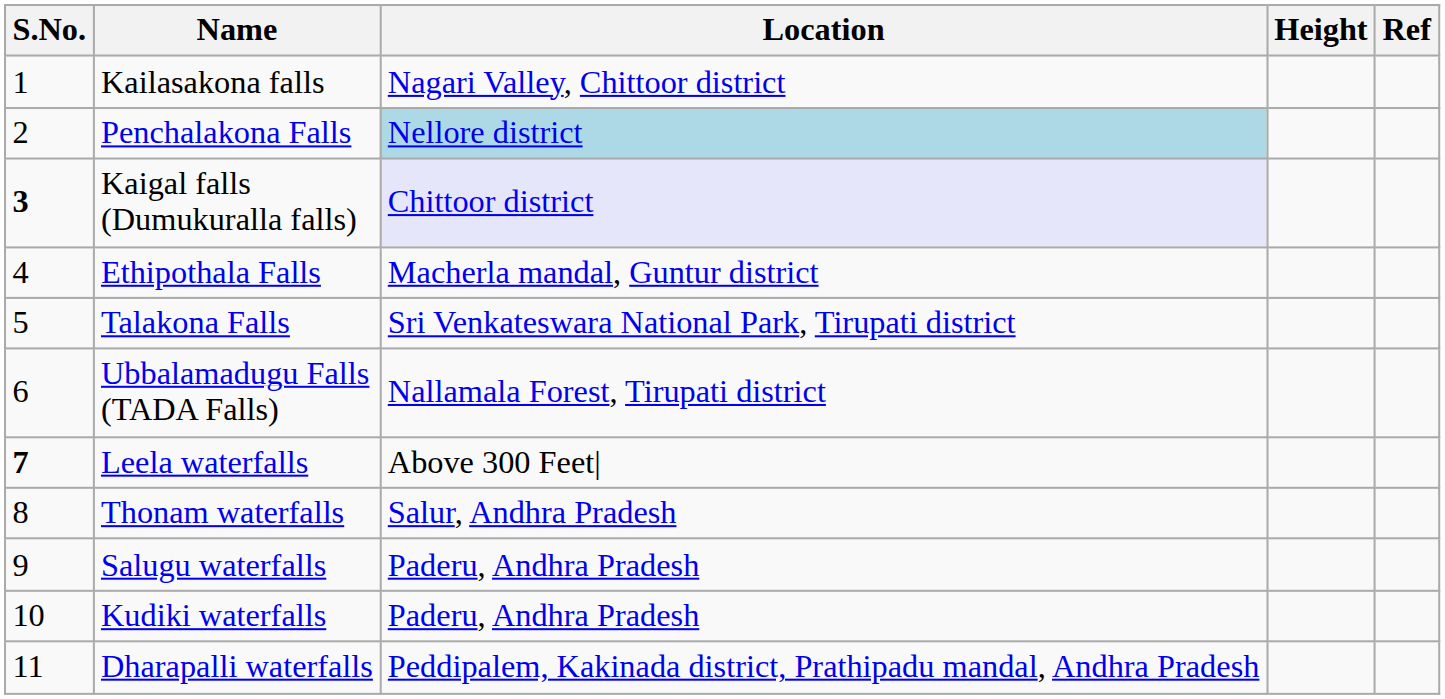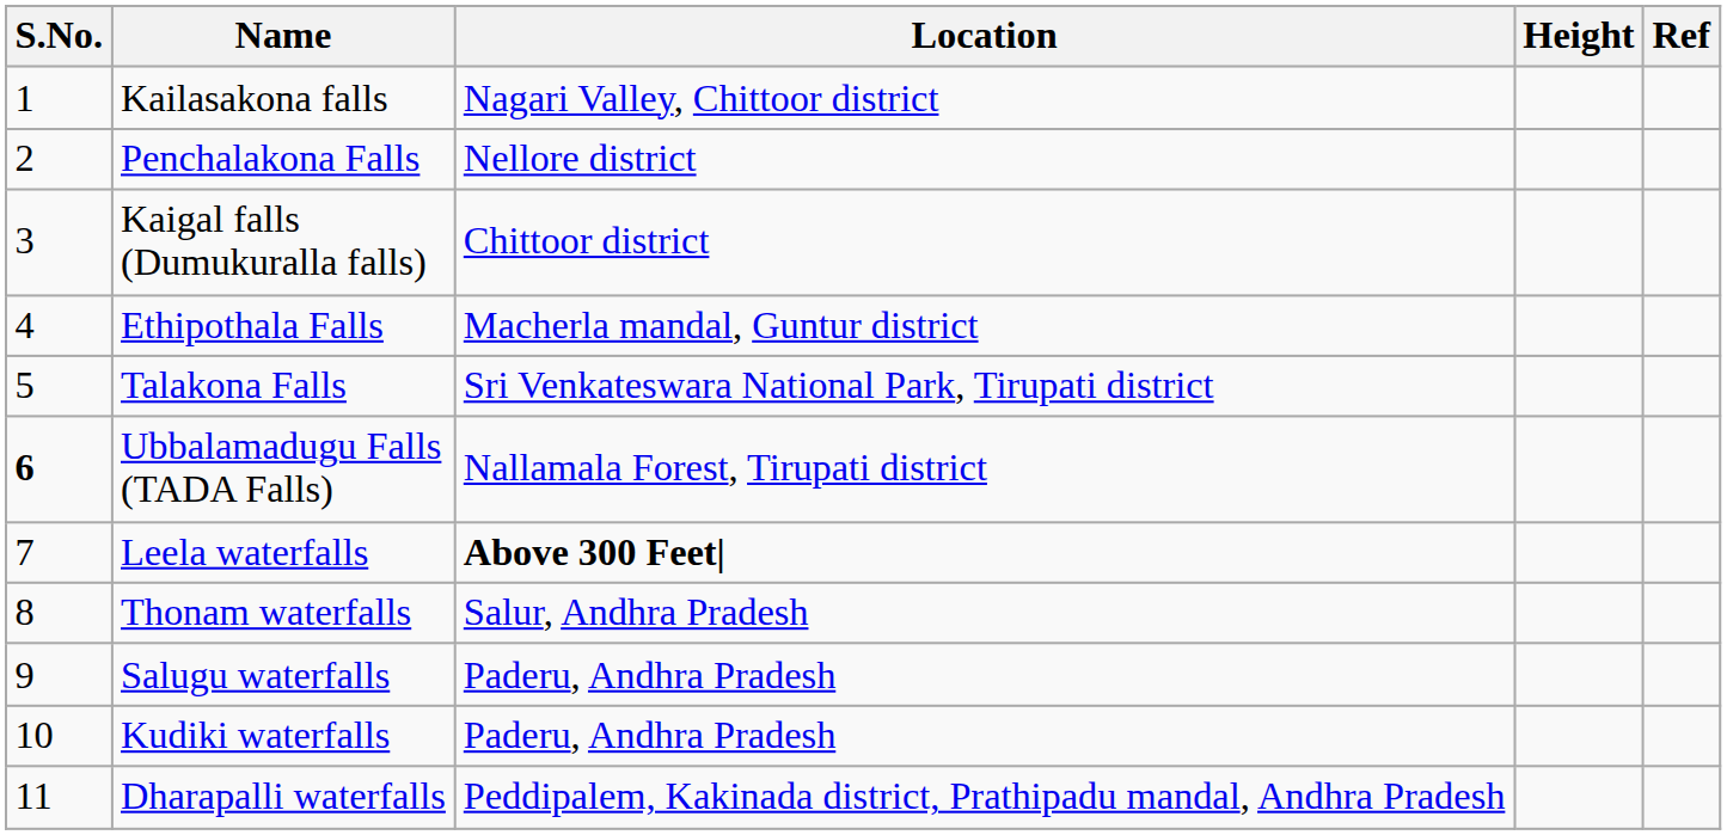 <table class="wikitable">
 <tr>
 <th>S.No.</th>
 <th>Name</th>
 <th>Location</th>
 <th>Height</th>
 <th>Ref</th>
 </tr>
 <tr>
 <td>1</td>
 <td>Kailasakona falls</td>
 <td><a href='#'>Nagari Valley</a>, <a href='#'>Chittoor district</a></td>
 <td></td>
 <td></td>
 </tr>
 <tr>
 <td>2</td>
 <td><a href='#'>Penchalakona Falls</a></td>
-<td style="background: lightblue;"><a href='#'>Nellore district</a></td>
+<td><a href='#'>Nellore district</a></td>
 <td></td>
 <td></td>
 </tr>
 <tr>
-<td><strong>3</strong></td>
+<td>3</td>
 <td>Kaigal falls<br>(Dumukuralla falls)</td>
-<td style="background: lavender;"><a href='#'>Chittoor district</a></td>
+<td><a href='#'>Chittoor district</a></td>
 <td></td>
 <td></td>
 </tr>
 <tr>
 <td>4</td>
 <td><a href='#'>Ethipothala Falls</a></td>
 <td><a href='#'>Macherla mandal</a>, <a href='#'>Guntur district</a></td>
 <td></td>
 <td></td>
 </tr>
 <tr>
 <td>5</td>
 <td><a href='#'>Talakona Falls</a></td>
 <td><a href='#'>Sri Venkateswara National Park</a>, <a href='#'>Tirupati district</a></td>
 <td></td>
 <td></td>
 </tr>
 <tr>
-<td>6</td>
+<td><strong>6</strong></td>
 <td><a href='#'>Ubbalamadugu Falls</a><br>(TADA Falls)</td>
 <td><a href='#'>Nallamala Forest</a>, <a href='#'>Tirupati district</a></td>
 <td></td>
 <td></td>
 </tr>
 <tr>
-<td><strong>7</strong></td>
+<td>7</td>
 <td><a href='#'>Leela waterfalls</a></td>
-<td>Above 300 Feet|</td>
+<td><strong>Above 300 Feet|</strong></td>
 <td></td>
 </tr>
 <tr>
 <td>8</td>
 <td><a href='#'>Thonam waterfalls</a></td>
 <td><a href='#'>Salur</a>, <a href='#'>Andhra Pradesh</a></td>
 <td></td>
 <td></td>
 </tr>
 <tr>
 <td>9</td>
 <td><a href='#'>Salugu waterfalls</a></td>
 <td><a href='#'>Paderu</a>, <a href='#'>Andhra Pradesh</a></td>
 <td></td>
 <td></td>
 </tr>
 <tr>
 <td>10</td>
 <td><a href='#'>Kudiki waterfalls</a></td>
 <td><a href='#'>Paderu</a>, <a href='#'>Andhra Pradesh</a></td>
 <td></td>
 <td></td>
 </tr>
 <tr>
 <td>11</td>
 <td><a href='#'>Dharapalli waterfalls</a></td>
 <td><a href='#'>Peddipalem, Kakinada district, Prathipadu mandal</a>, <a href='#'>Andhra Pradesh</a></td>
 <td></td>
 <td></td>
 </tr>
 </table>
